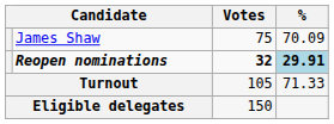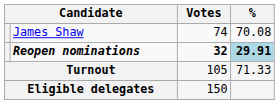 <table class="wikitable plainrowheaders" style="font-size: 95%;">
 <tr style="background-color:#E9E9E9">
 <th scope="col" colspan="2" style="width: 170px">Candidate</th>
 <th scope="col" style="width: 50px">Votes</th>
 <th scope="col" style="width: 40px">%</th>
 </tr>
 <tr>
 </tr>
 <tr>
 <th scope="row" style="background-color: "></th>
 <td style="width: 170px"><a href='#'>James Shaw</a></td>
-<td align="right">75</td>
-<td align="right">70.09</td>
+<td align="right">74</td>
+<td align="right">70.08</td>
 </tr>
 <tr>
 <th scope="row"></th>
 <td><strong><em>Reopen nominations</em></strong></td>
 <td align="right"><strong>32</strong></td>
 <td align="right" style="background: lightblue;"><strong>29.91</strong></td>
 </tr>
 <tr style="background-color:#F6F6F6">
 <th scope="row" colspan="2" align="right"><strong>Turnout</strong></th>
 <td align="right">105</td>
 <td align="right">71.33</td>
 </tr>
 <tr>
 </tr>
 <tr style="background-color:#F6F6F6">
 <th scope="row" colspan="2" align="right"><strong>Eligible delegates</strong></th>
 <td align="right">150</td>
 <td></td>
 </tr>
 <tr>
 </tr>
 <tr style="background-color:#F6F6F6">
 </tr>
 </table>
